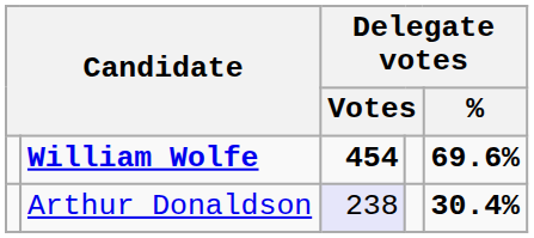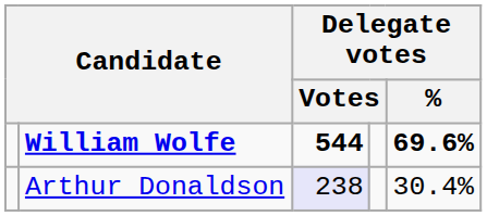 <table class="wikitable" style="font-size:95%;">
 <tr>
 <th colspan="2" scope="col" rowspan="2" width="125">Candidate</th>
 <th scope="col" colspan="3" width="75">Delegate votes</th>
 </tr>
 <tr>
 <th scope="col" colspan="2">Votes</th>
 <th>%</th>
 </tr>
 <tr align="right">
 <td style="background-color: "></td>
 <td scope="row" align="left"><strong><a href='#'>William Wolfe</a></strong> </td>
-<td><strong>454</strong></td>
+<td><strong>544</strong></td>
 <td align=center></td>
 <td><strong>69.6%</strong></td>
 </tr>
 <tr align="right">
 <td style="background-color: "></td>
 <td scope="row" align="left"><a href='#'>Arthur Donaldson</a></td>
 <td style="background: lavender;">238</td>
 <td align=center></td>
-<td><strong>30.4%</strong></td>
+<td>30.4%</td>
 </tr>
 </table>
